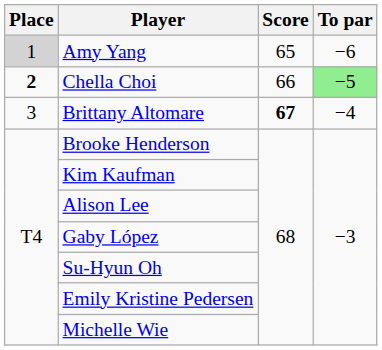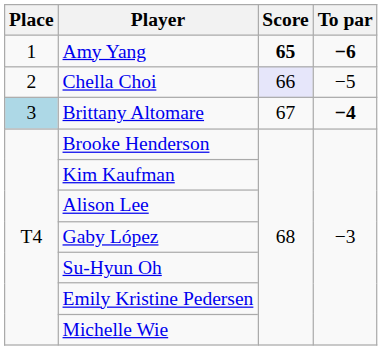 <table class="wikitable">
 <tr>
 <th>Place</th>
 <th>Player</th>
 <th>Score</th>
 <th>To par</th>
 </tr>
 <tr>
-<td align=center style="background: lightgrey;">1</td>
+<td align=center>1</td>
 <td> <a href='#'>Amy Yang</a></td>
-<td align=center>65</td>
-<td align=center>−6</td>
+<td align=center><strong>65</strong></td>
+<td align=center><strong>−6</strong></td>
 </tr>
 <tr>
-<td align=center><strong>2</strong></td>
+<td align=center>2</td>
 <td> <a href='#'>Chella Choi</a></td>
-<td align=center>66</td>
-<td align=center style="background: lightgreen;">−5</td>
+<td align=center style="background: lavender;">66</td>
+<td align=center>−5</td>
 </tr>
 <tr>
-<td align=center>3</td>
+<td align=center style="background: lightblue;">3</td>
 <td> <a href='#'>Brittany Altomare</a></td>
-<td align=center><strong>67</strong></td>
-<td align=center>−4</td>
+<td align=center>67</td>
+<td align=center><strong>−4</strong></td>
 </tr>
 <tr>
 <td rowspan=7 align=center>T4</td>
 <td> <a href='#'>Brooke Henderson</a></td>
 <td rowspan=7 align=center>68</td>
 <td rowspan=7 align=center>−3</td>
 </tr>
 <tr>
 <td> <a href='#'>Kim Kaufman</a></td>
 </tr>
 <tr>
 <td> <a href='#'>Alison Lee</a></td>
 </tr>
 <tr>
 <td> <a href='#'>Gaby López</a></td>
 </tr>
 <tr>
 <td> <a href='#'>Su-Hyun Oh</a></td>
 </tr>
 <tr>
 <td> <a href='#'>Emily Kristine Pedersen</a></td>
 </tr>
 <tr>
 <td> <a href='#'>Michelle Wie</a></td>
 </tr>
 </table>
